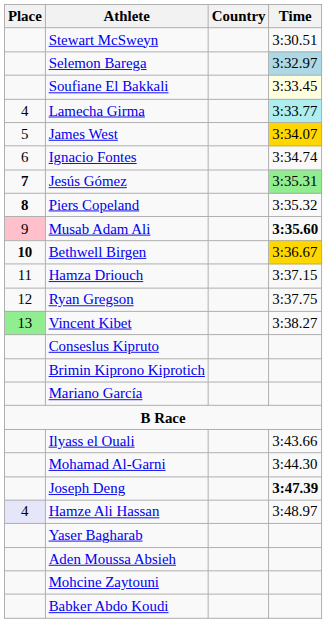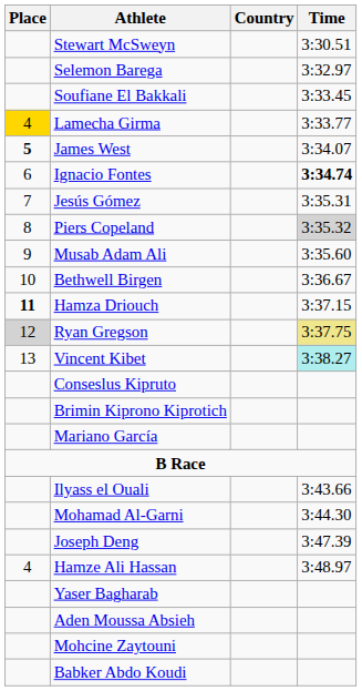 <table class="wikitable mw-datatable sortable">
 <tr>
 <th>Place</th>
 <th>Athlete</th>
 <th>Country</th>
 <th>Time</th>
 </tr>
 <tr>
 <td align=center></td>
 <td><a href='#'>Stewart McSweyn</a></td>
 <td></td>
 <td>3:30.51 <strong></strong></td>
 </tr>
 <tr>
 <td align=center></td>
 <td><a href='#'>Selemon Barega</a></td>
 <td></td>
-<td style="background: lightblue;">3:32.97 </td>
+<td>3:32.97 </td>
 </tr>
 <tr>
 <td align=center></td>
 <td><a href='#'>Soufiane El Bakkali</a></td>
 <td></td>
-<td style="background: lightyellow;">3:33.45 </td>
+<td>3:33.45 </td>
 </tr>
 <tr>
-<td align=center>4</td>
+<td align=center style="background: gold;">4</td>
 <td><a href='#'>Lamecha Girma</a></td>
 <td></td>
-<td style="background: paleturquoise;">3:33.77 </td>
+<td>3:33.77 </td>
 </tr>
 <tr>
-<td align=center>5</td>
+<td align=center><strong>5</strong></td>
 <td><a href='#'>James West</a></td>
 <td></td>
-<td style="background: gold;">3:34.07 </td>
+<td>3:34.07 </td>
 </tr>
 <tr>
 <td align=center>6</td>
 <td><a href='#'>Ignacio Fontes</a></td>
 <td></td>
-<td>3:34.74</td>
+<td><strong>3:34.74</strong></td>
 </tr>
 <tr>
-<td align=center><strong>7</strong></td>
+<td align=center>7</td>
 <td><a href='#'>Jesús Gómez</a></td>
 <td></td>
-<td style="background: lightgreen;">3:35.31</td>
+<td>3:35.31</td>
 </tr>
 <tr>
-<td align=center><strong>8</strong></td>
+<td align=center>8</td>
 <td><a href='#'>Piers Copeland</a></td>
 <td></td>
-<td>3:35.32 </td>
+<td style="background: lightgrey;">3:35.32 </td>
 </tr>
 <tr>
-<td align=center style="background: pink;">9</td>
+<td align=center>9</td>
 <td><a href='#'>Musab Adam Ali</a></td>
 <td></td>
-<td><strong>3:35.60 </strong></td>
+<td>3:35.60 </td>
 </tr>
 <tr>
-<td align=center><strong>10</strong></td>
+<td align=center>10</td>
 <td><a href='#'>Bethwell Birgen</a></td>
 <td></td>
-<td style="background: gold;">3:36.67</td>
+<td>3:36.67</td>
 </tr>
 <tr>
-<td align=center>11</td>
+<td align=center><strong>11</strong></td>
 <td><a href='#'>Hamza Driouch</a></td>
 <td></td>
 <td>3:37.15</td>
 </tr>
 <tr>
-<td align=center>12</td>
+<td align=center style="background: lightgrey;">12</td>
 <td><a href='#'>Ryan Gregson</a></td>
 <td></td>
-<td>3:37.75</td>
+<td style="background: khaki;">3:37.75</td>
 </tr>
 <tr>
-<td align=center style="background: lightgreen;">13</td>
+<td align=center>13</td>
 <td><a href='#'>Vincent Kibet</a></td>
 <td></td>
-<td>3:38.27</td>
+<td style="background: paleturquoise;">3:38.27</td>
 </tr>
 <tr>
 <td align=center></td>
 <td><a href='#'>Conseslus Kipruto</a></td>
 <td></td>
 <td></td>
 </tr>
 <tr>
 <td align=center></td>
 <td><a href='#'>Brimin Kiprono Kiprotich</a></td>
 <td></td>
 <td></td>
 </tr>
 <tr>
 <td align=center></td>
 <td><a href='#'>Mariano García</a></td>
 <td></td>
 <td></td>
 </tr>
 <tr>
 <td colspan=4 align=center><strong>B Race</strong></td>
 </tr>
 <tr>
 <td align=center></td>
 <td><a href='#'>Ilyass el Ouali</a></td>
 <td></td>
 <td>3:43.66</td>
 </tr>
 <tr>
 <td align=center></td>
 <td><a href='#'>Mohamad Al-Garni</a></td>
 <td></td>
 <td>3:44.30</td>
 </tr>
 <tr>
 <td align=center></td>
 <td><a href='#'>Joseph Deng</a></td>
 <td></td>
-<td><strong>3:47.39</strong></td>
+<td>3:47.39</td>
 </tr>
 <tr>
-<td align=center style="background: lavender;">4</td>
+<td align=center>4</td>
 <td><a href='#'>Hamze Ali Hassan</a></td>
 <td></td>
 <td>3:48.97</td>
 </tr>
 <tr>
 <td align=center></td>
 <td><a href='#'>Yaser Bagharab</a></td>
 <td></td>
 <td></td>
 </tr>
 <tr>
 <td align=center></td>
 <td><a href='#'>Aden Moussa Absieh</a></td>
 <td></td>
 <td></td>
 </tr>
 <tr>
 <td align=center></td>
 <td><a href='#'>Mohcine Zaytouni</a></td>
 <td></td>
 <td></td>
 </tr>
 <tr>
 <td align=center></td>
 <td><a href='#'>Babker Abdo Koudi</a></td>
 <td></td>
 <td></td>
 </tr>
 </table>
